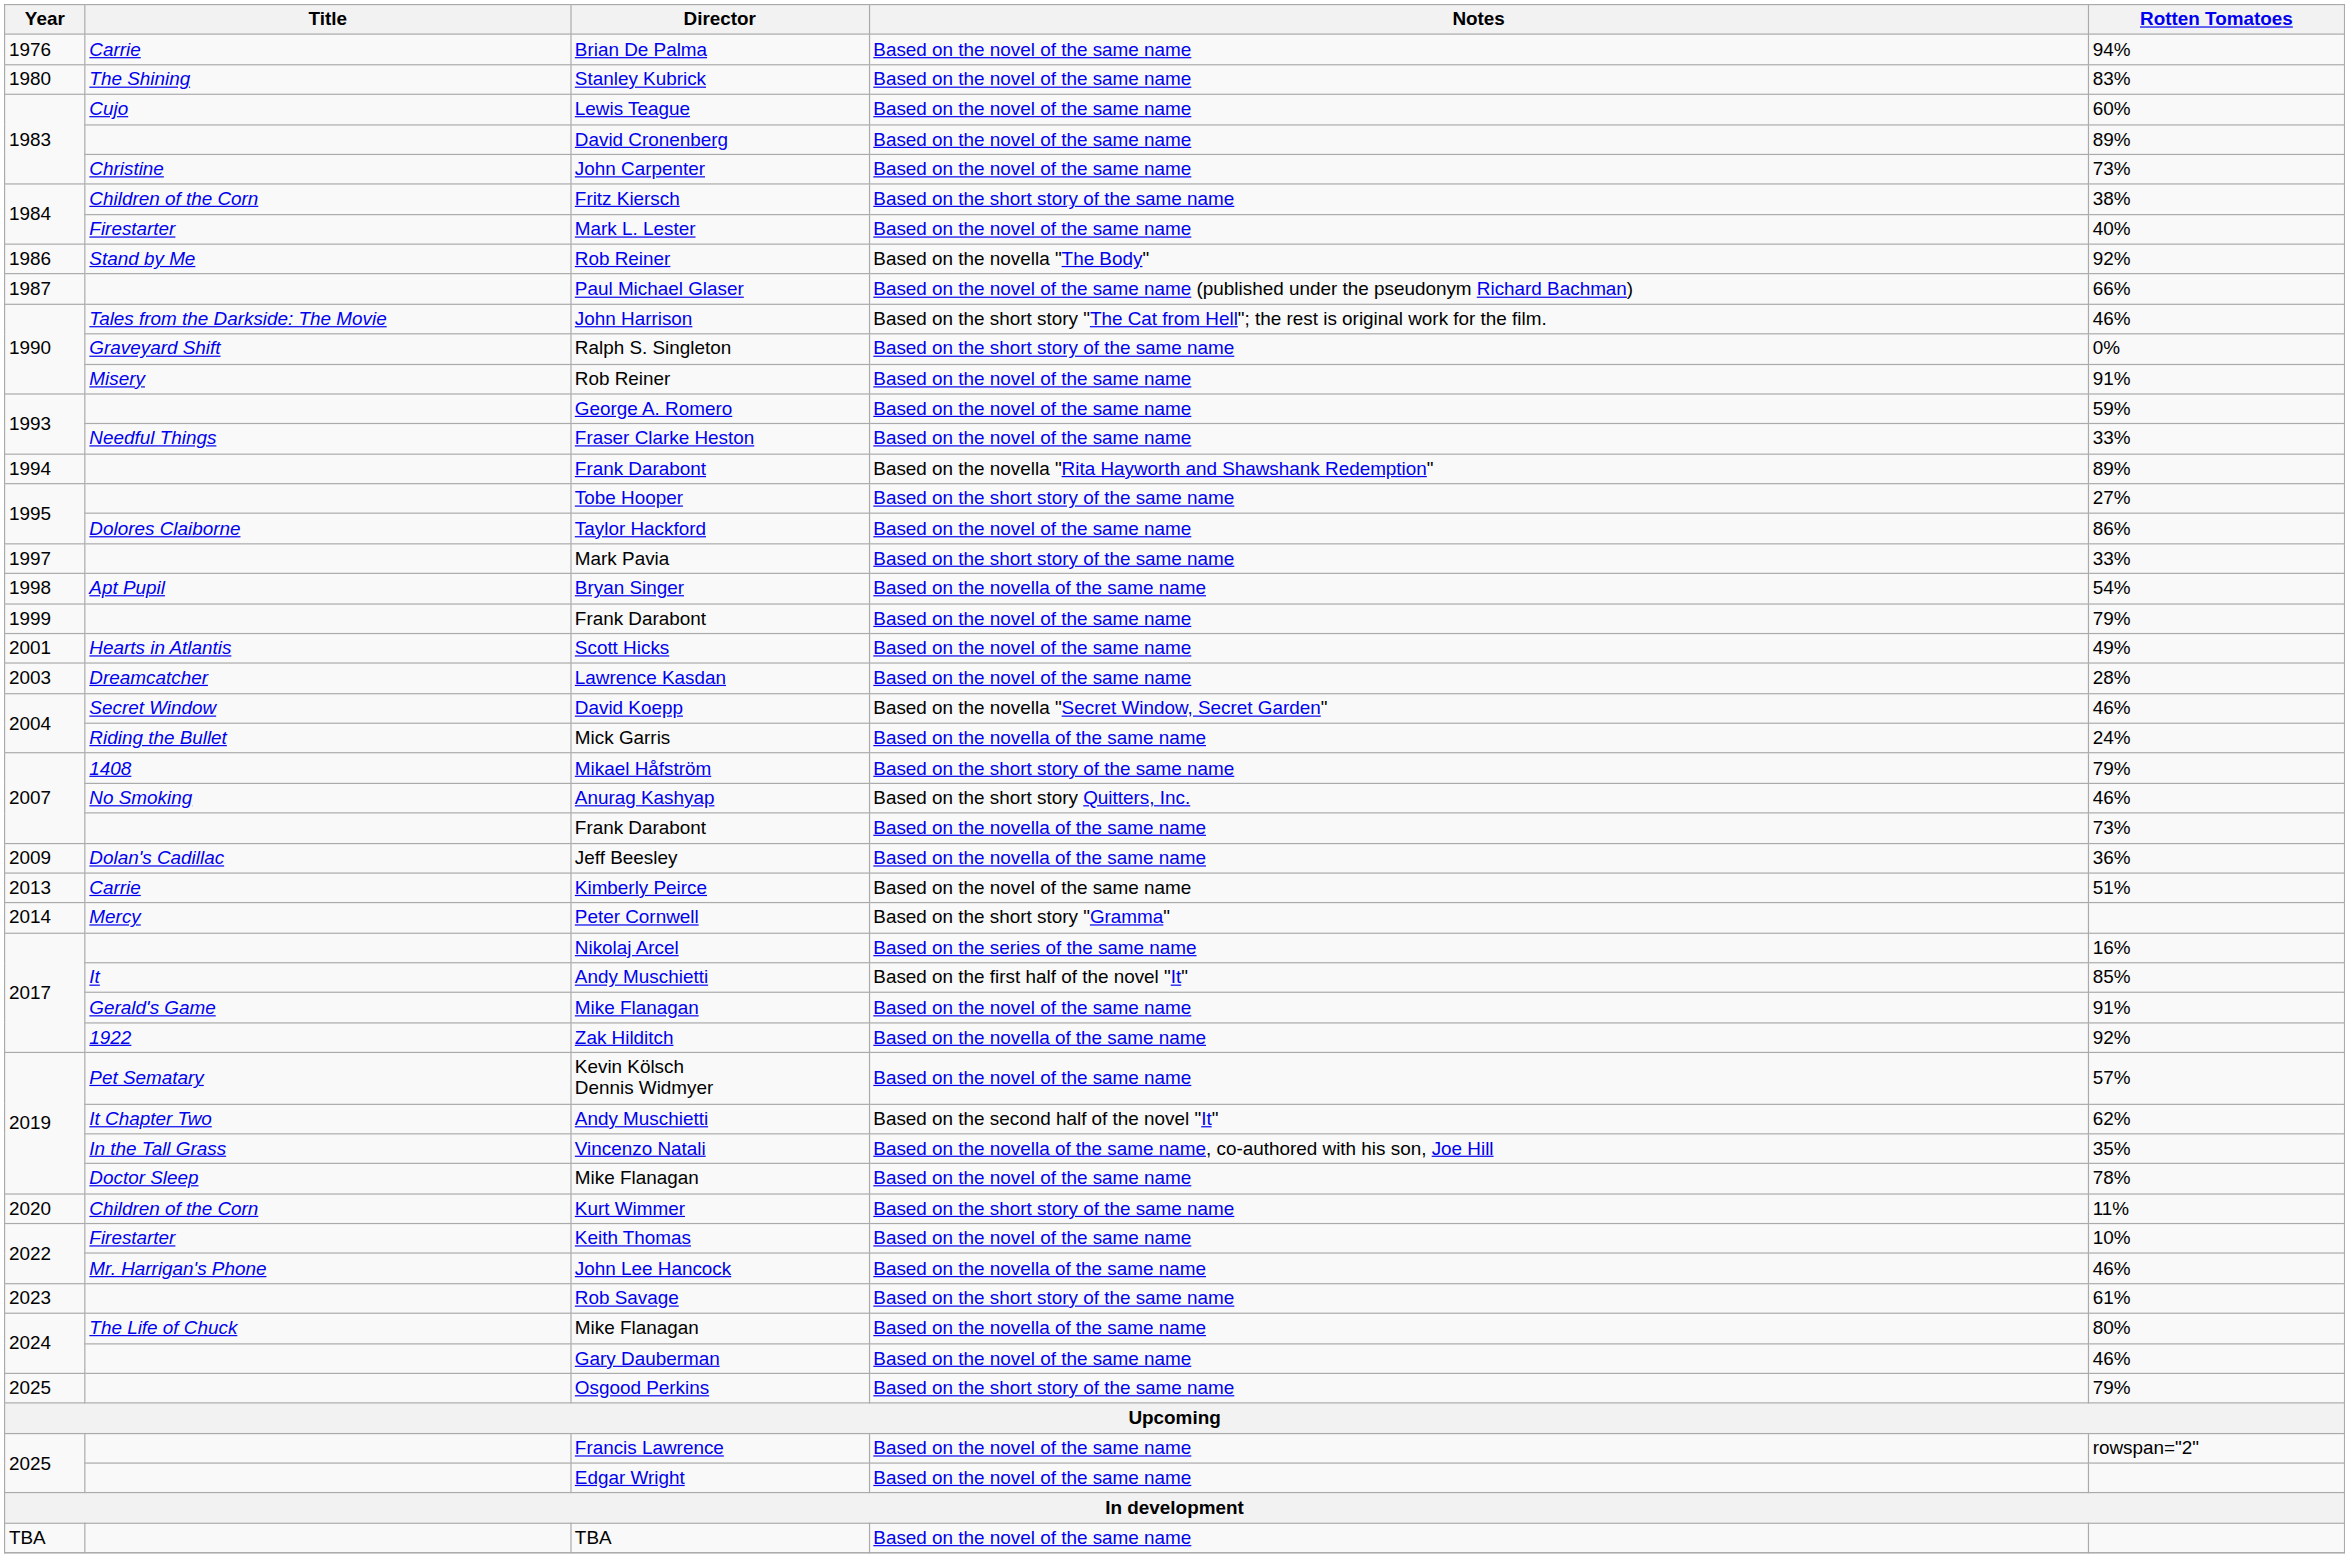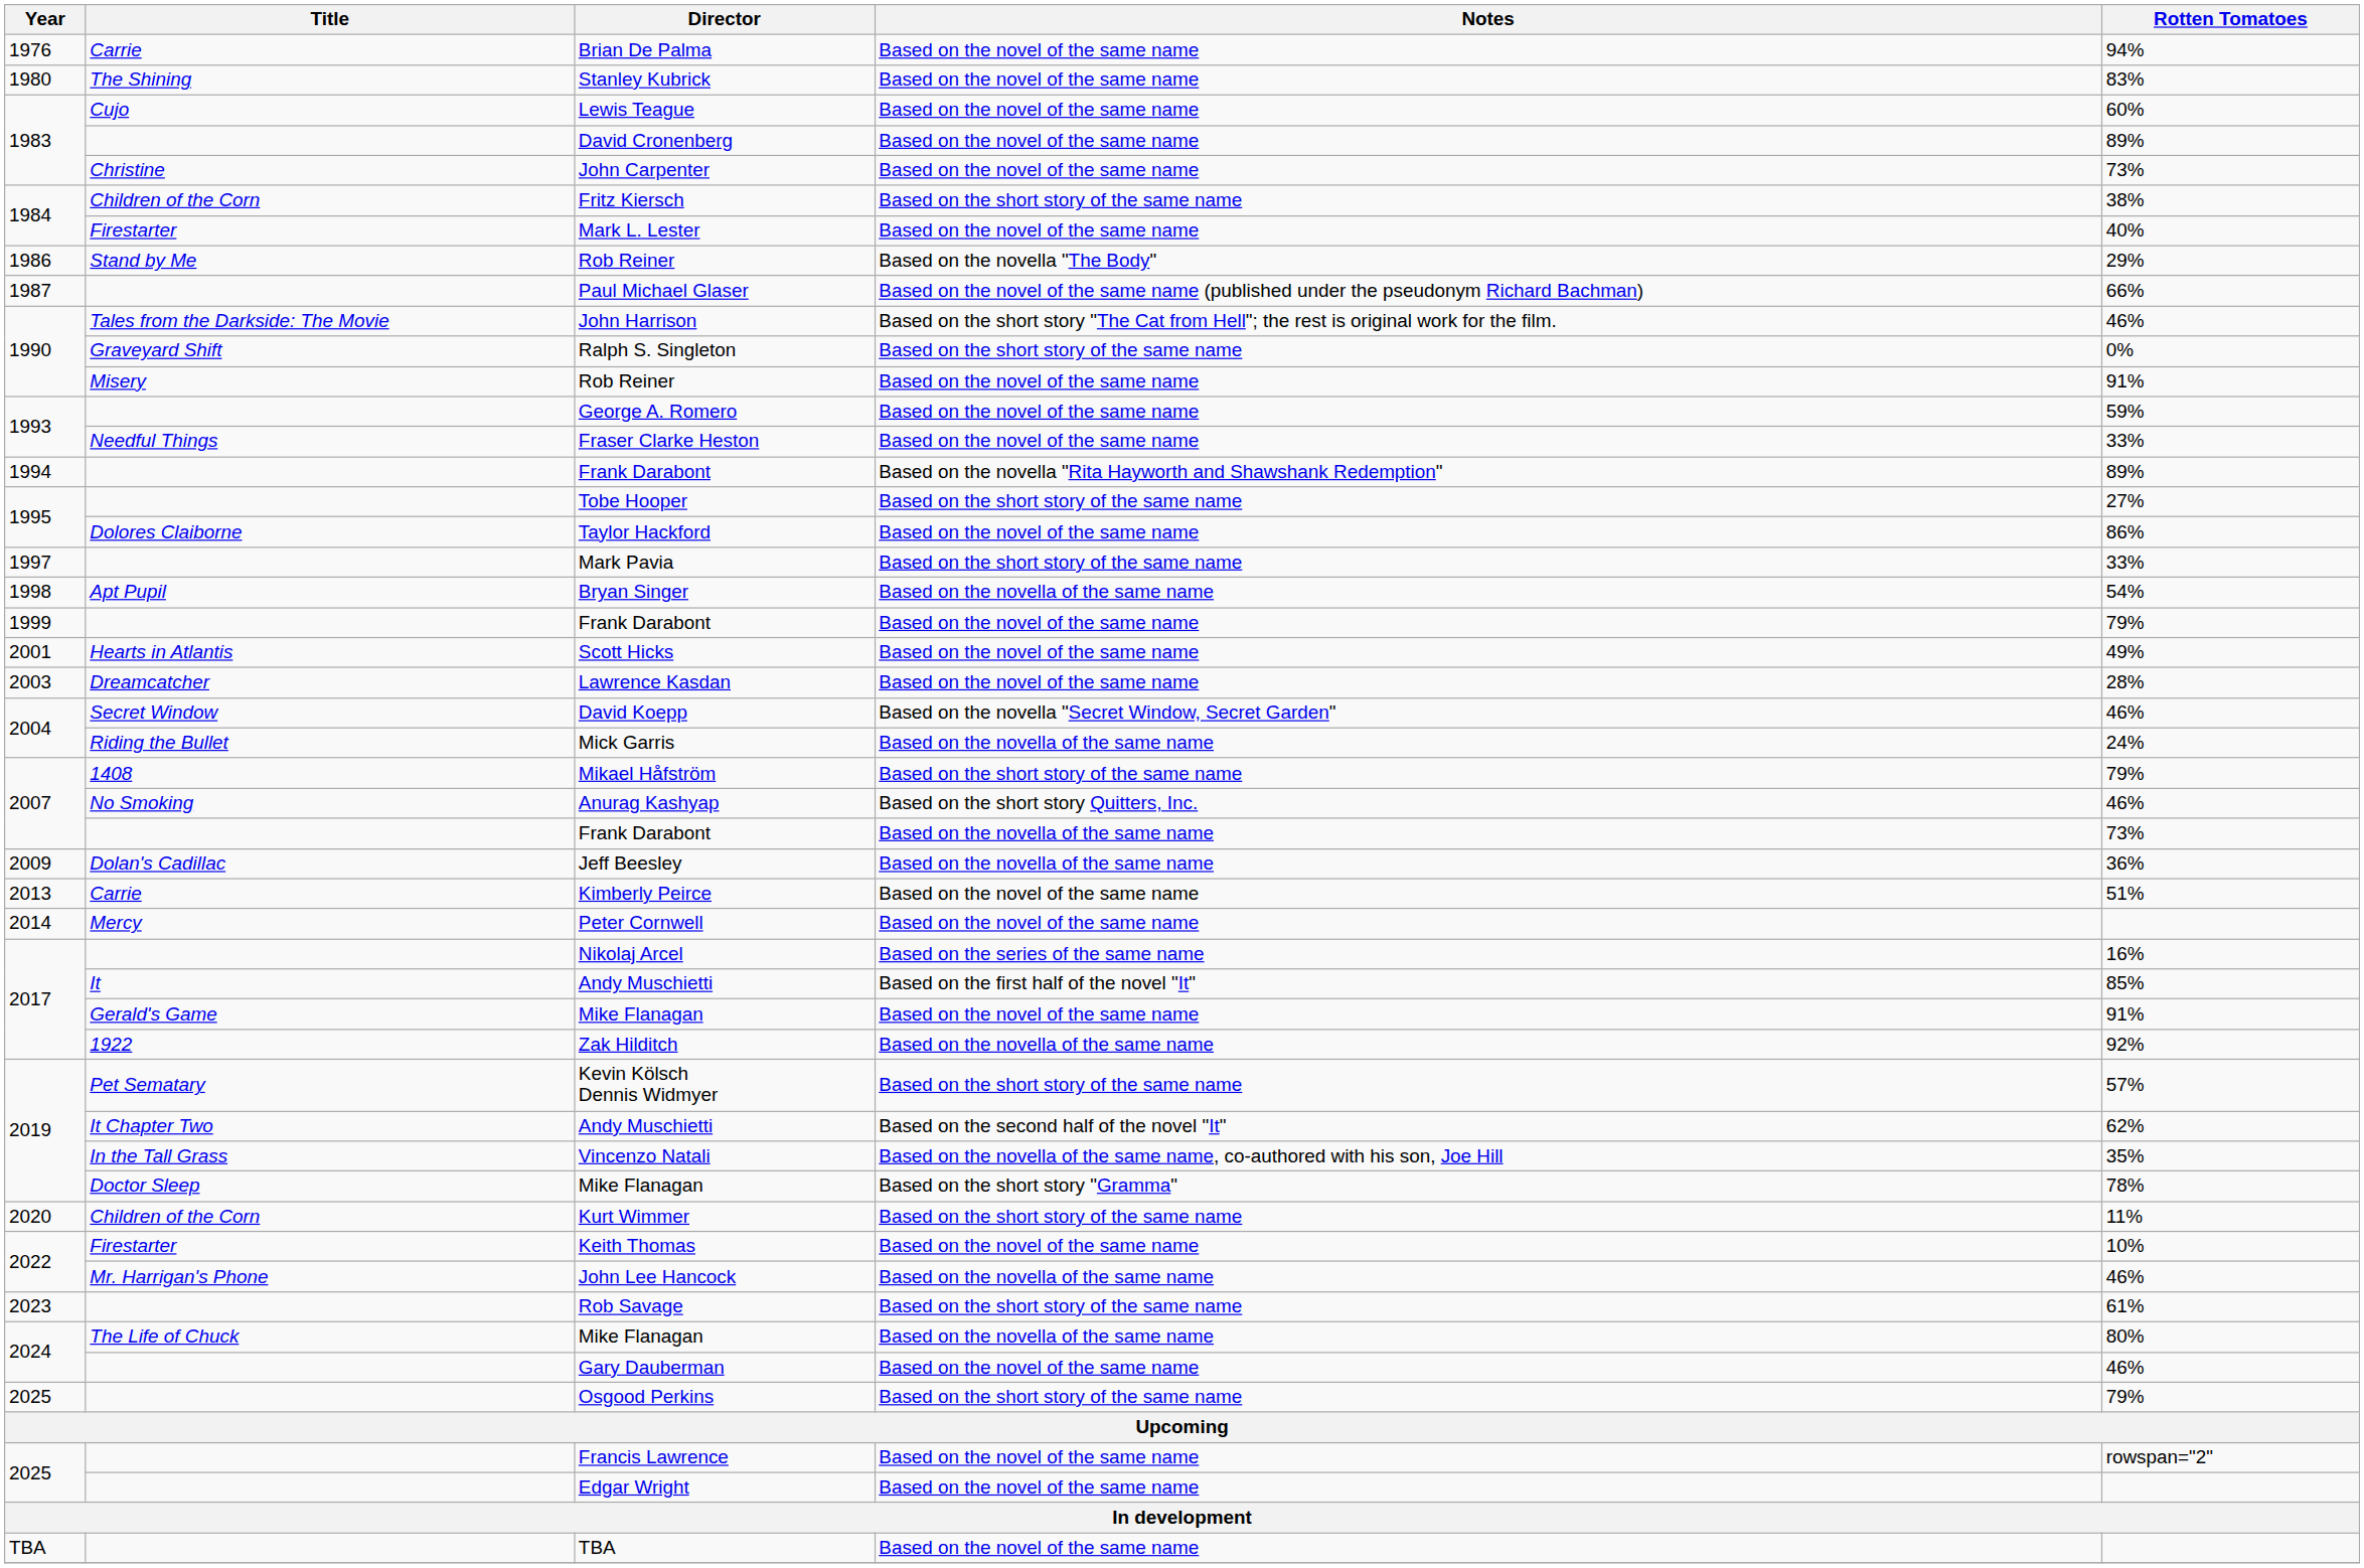 <table class="wikitable sortable" style="width:100%;">
 <tr>
 <th>Year</th>
 <th>Title</th>
 <th class="unsortable">Director</th>
 <th class="unsortable">Notes</th>
 <th><a href='#'>Rotten Tomatoes</a></th>
 </tr>
 <tr>
 <td>1976</td>
 <td><em><a href='#'>Carrie</a></em></td>
 <td><a href='#'>Brian De Palma</a></td>
 <td><a href='#'>Based on the novel of the same name</a></td>
 <td>94%</td>
 </tr>
 <tr>
 <td>1980</td>
 <td><a href='#'><em>The Shining</em></a></td>
 <td><a href='#'>Stanley Kubrick</a></td>
 <td><a href='#'>Based on the novel of the same name</a></td>
 <td>83%</td>
 </tr>
 <tr>
 <td rowspan="3">1983</td>
 <td><em><a href='#'>Cujo</a></em></td>
 <td><a href='#'>Lewis Teague</a></td>
 <td><a href='#'>Based on the novel of the same name</a></td>
 <td>60%</td>
 </tr>
 <tr>
 <td></td>
 <td><a href='#'>David Cronenberg</a></td>
 <td><a href='#'>Based on the novel of the same name</a></td>
 <td>89%</td>
 </tr>
 <tr>
 <td><em><a href='#'>Christine</a></em></td>
 <td><a href='#'>John Carpenter</a></td>
 <td><a href='#'>Based on the novel of the same name</a></td>
 <td>73%</td>
 </tr>
 <tr>
 <td rowspan="2">1984</td>
 <td><em><a href='#'>Children of the Corn</a></em></td>
 <td><a href='#'>Fritz Kiersch</a></td>
 <td><a href='#'>Based on the short story of the same name</a></td>
 <td>38%</td>
 </tr>
 <tr>
 <td><em><a href='#'>Firestarter</a></em></td>
 <td><a href='#'>Mark L. Lester</a></td>
 <td><a href='#'>Based on the novel of the same name</a></td>
 <td>40%</td>
 </tr>
 <tr>
 <td>1986</td>
 <td><em><a href='#'>Stand by Me</a></em></td>
 <td><a href='#'>Rob Reiner</a></td>
 <td>Based on the novella "<a href='#'>The Body</a>"</td>
-<td>92%</td>
+<td>29%</td>
 </tr>
 <tr>
 <td>1987</td>
 <td></td>
 <td><a href='#'>Paul Michael Glaser</a></td>
 <td><a href='#'>Based on the novel of the same name</a> (published under the pseudonym <a href='#'>Richard Bachman</a>)</td>
 <td>66%</td>
 </tr>
 <tr>
 <td rowspan="3">1990</td>
 <td><em><a href='#'>Tales from the Darkside: The Movie</a></em></td>
 <td><a href='#'>John Harrison</a></td>
 <td>Based on the short story "<a href='#'>The Cat from Hell</a>"; the rest is original work for the film.</td>
 <td>46%</td>
 </tr>
 <tr>
 <td><em><a href='#'>Graveyard Shift</a></em></td>
 <td>Ralph S. Singleton</td>
 <td><a href='#'>Based on the short story of the same name</a></td>
 <td>0%</td>
 </tr>
 <tr>
 <td><em><a href='#'>Misery</a></em></td>
 <td>Rob Reiner</td>
 <td><a href='#'>Based on the novel of the same name</a></td>
 <td>91%</td>
 </tr>
 <tr>
 <td rowspan="2">1993</td>
 <td></td>
 <td><a href='#'>George A. Romero</a></td>
 <td><a href='#'>Based on the novel of the same name</a></td>
 <td>59%</td>
 </tr>
 <tr>
 <td><em><a href='#'>Needful Things</a></em></td>
 <td><a href='#'>Fraser Clarke Heston</a></td>
 <td><a href='#'>Based on the novel of the same name</a></td>
 <td>33%</td>
 </tr>
 <tr>
 <td>1994</td>
 <td></td>
 <td><a href='#'>Frank Darabont</a></td>
 <td>Based on the novella "<a href='#'>Rita Hayworth and Shawshank Redemption</a>"</td>
 <td>89%</td>
 </tr>
 <tr>
 <td rowspan="2">1995</td>
 <td></td>
 <td><a href='#'>Tobe Hooper</a></td>
 <td><a href='#'>Based on the short story of the same name</a></td>
 <td>27%</td>
 </tr>
 <tr>
 <td><em><a href='#'>Dolores Claiborne</a></em></td>
 <td><a href='#'>Taylor Hackford</a></td>
 <td><a href='#'>Based on the novel of the same name</a></td>
 <td>86%</td>
 </tr>
 <tr>
 <td>1997</td>
 <td></td>
 <td>Mark Pavia</td>
 <td><a href='#'>Based on the short story of the same name</a></td>
 <td>33%</td>
 </tr>
 <tr>
 <td>1998</td>
 <td><em><a href='#'>Apt Pupil</a></em></td>
 <td><a href='#'>Bryan Singer</a></td>
 <td><a href='#'>Based on the novella of the same name</a></td>
 <td>54%</td>
 </tr>
 <tr>
 <td>1999</td>
 <td></td>
 <td>Frank Darabont</td>
 <td><a href='#'>Based on the novel of the same name</a></td>
 <td>79%</td>
 </tr>
 <tr>
 <td>2001</td>
 <td><em><a href='#'>Hearts in Atlantis</a></em></td>
 <td><a href='#'>Scott Hicks</a></td>
 <td><a href='#'>Based on the novel of the same name</a></td>
 <td>49%</td>
 </tr>
 <tr>
 <td>2003</td>
 <td><em><a href='#'>Dreamcatcher</a></em></td>
 <td><a href='#'>Lawrence Kasdan</a></td>
 <td><a href='#'>Based on the novel of the same name</a></td>
 <td>28%</td>
 </tr>
 <tr>
 <td rowspan="2">2004</td>
 <td><em><a href='#'>Secret Window</a></em></td>
 <td><a href='#'>David Koepp</a></td>
 <td>Based on the novella "<a href='#'>Secret Window, Secret Garden</a>"</td>
 <td>46%</td>
 </tr>
 <tr>
 <td><em><a href='#'>Riding the Bullet</a></em></td>
 <td>Mick Garris</td>
 <td><a href='#'>Based on the novella of the same name</a></td>
 <td>24%</td>
 </tr>
 <tr>
 <td rowspan="3">2007</td>
 <td><em><a href='#'>1408</a></em></td>
 <td><a href='#'>Mikael Håfström</a></td>
 <td><a href='#'>Based on the short story of the same name</a></td>
 <td>79%</td>
 </tr>
 <tr>
 <td><a href='#'><em>No Smoking</em></a></td>
 <td><a href='#'>Anurag Kashyap</a></td>
 <td>Based on the short story <a href='#'>Quitters, Inc.</a></td>
 <td>46%</td>
 </tr>
 <tr>
 <td></td>
 <td>Frank Darabont</td>
 <td><a href='#'>Based on the novella of the same name</a></td>
 <td>73%</td>
 </tr>
 <tr>
 <td>2009</td>
 <td><em><a href='#'>Dolan's Cadillac</a></em></td>
 <td>Jeff Beesley</td>
 <td><a href='#'>Based on the novella of the same name</a></td>
 <td>36% </td>
 </tr>
 <tr>
 <td>2013</td>
 <td><em><a href='#'>Carrie</a></em></td>
 <td><a href='#'>Kimberly Peirce</a></td>
 <td>Based on the novel of the same name</td>
 <td>51%</td>
 </tr>
 <tr>
 <td>2014</td>
 <td><em><a href='#'>Mercy</a></em></td>
 <td><a href='#'>Peter Cornwell</a></td>
-<td>Based on the short story "<a href='#'>Gramma</a>"</td>
+<td><a href='#'>Based on the novel of the same name</a></td>
 <td></td>
 </tr>
 <tr>
 <td rowspan="4">2017</td>
 <td></td>
 <td><a href='#'>Nikolaj Arcel</a></td>
 <td><a href='#'>Based on the series of the same name</a></td>
 <td>16%</td>
 </tr>
 <tr>
 <td><em><a href='#'>It</a></em></td>
 <td><a href='#'>Andy Muschietti</a></td>
 <td>Based on the first half of the novel "<a href='#'>It</a>"</td>
 <td>85%</td>
 </tr>
 <tr>
 <td><em><a href='#'>Gerald's Game</a></em></td>
 <td><a href='#'>Mike Flanagan</a></td>
 <td><a href='#'>Based on the novel of the same name</a></td>
 <td>91%</td>
 </tr>
 <tr>
 <td><em><a href='#'>1922</a></em></td>
 <td><a href='#'>Zak Hilditch</a></td>
 <td><a href='#'>Based on the novella of the same name</a></td>
 <td>92%</td>
 </tr>
 <tr>
 <td rowspan="4">2019</td>
 <td><em><a href='#'>Pet Sematary</a></em></td>
 <td>Kevin Kölsch<br>Dennis Widmyer</td>
-<td><a href='#'>Based on the novel of the same name</a></td>
+<td><a href='#'>Based on the short story of the same name</a></td>
 <td>57%</td>
 </tr>
 <tr>
 <td><em><a href='#'>It Chapter Two</a></em></td>
 <td><a href='#'>Andy Muschietti</a></td>
 <td>Based on the second half of the novel "<a href='#'>It</a>"</td>
 <td>62%</td>
 </tr>
 <tr>
 <td><em><a href='#'>In the Tall Grass</a></em></td>
 <td><a href='#'>Vincenzo Natali</a></td>
 <td><a href='#'>Based on the novella of the same name</a>, co-authored with his son, <a href='#'>Joe Hill</a></td>
 <td>35%</td>
 </tr>
 <tr>
 <td><em><a href='#'>Doctor Sleep</a></em></td>
 <td>Mike Flanagan</td>
-<td><a href='#'>Based on the novel of the same name</a></td>
+<td>Based on the short story "<a href='#'>Gramma</a>"</td>
 <td>78%</td>
 </tr>
 <tr>
 <td>2020</td>
 <td><em><a href='#'>Children of the Corn</a></em></td>
 <td><a href='#'>Kurt Wimmer</a></td>
 <td><a href='#'>Based on the short story of the same name</a></td>
 <td>11%</td>
 </tr>
 <tr>
 <td rowspan="2">2022</td>
 <td><em><a href='#'>Firestarter</a></em></td>
 <td><a href='#'>Keith Thomas</a></td>
 <td><a href='#'>Based on the novel of the same name</a></td>
 <td>10%</td>
 </tr>
 <tr>
 <td><em><a href='#'>Mr. Harrigan's Phone</a></em></td>
 <td><a href='#'>John Lee Hancock</a></td>
 <td><a href='#'>Based on the novella of the same name</a></td>
 <td>46%</td>
 </tr>
 <tr>
 <td>2023</td>
 <td></td>
 <td><a href='#'>Rob Savage</a></td>
 <td><a href='#'>Based on the short story of the same name</a></td>
 <td>61%</td>
 </tr>
 <tr>
 <td rowspan="2">2024</td>
 <td><em><a href='#'>The Life of Chuck</a></em></td>
 <td>Mike Flanagan</td>
 <td><a href='#'>Based on the novella of the same name</a></td>
 <td>80%</td>
 </tr>
 <tr>
 <td></td>
 <td><a href='#'>Gary Dauberman</a></td>
 <td><a href='#'>Based on the novel of the same name</a></td>
 <td>46%</td>
 </tr>
 <tr>
 <td>2025</td>
 <td></td>
 <td><a href='#'>Osgood Perkins</a></td>
 <td><a href='#'>Based on the short story of the same name</a></td>
 <td>79%</td>
 </tr>
 <tr>
 <th colspan="5" style="background-color:#white;">Upcoming</th>
 </tr>
 <tr>
 <td rowspan="2">2025</td>
 <td></td>
 <td><a href='#'>Francis Lawrence</a></td>
 <td><a href='#'>Based on the novel of the same name</a></td>
 <td>rowspan="2" </td>
 </tr>
 <tr>
 <td></td>
 <td><a href='#'>Edgar Wright</a></td>
 <td><a href='#'>Based on the novel of the same name</a></td>
 </tr>
 <tr>
 <th colspan="5" style="background-color:#white;">In development</th>
 </tr>
 <tr>
 <td>TBA</td>
 <td></td>
 <td>TBA</td>
 <td><a href='#'>Based on the novel of the same name</a></td>
 <td></td>
 </tr>
 <tr>
 </tr>
 </table>
